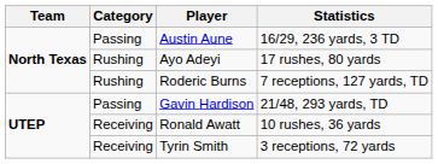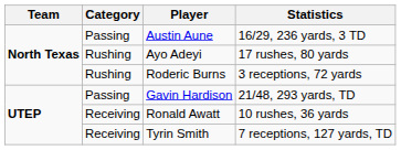 <table class="wikitable" style="float: left;">
 <tr>
 <th>Team</th>
 <th>Category</th>
 <th>Player</th>
 <th>Statistics</th>
 </tr>
 <tr>
 <td rowspan=3><strong>North Texas</strong></td>
 <td>Passing</td>
 <td><a href='#'>Austin Aune</a></td>
 <td>16/29, 236 yards, 3 TD</td>
 </tr>
 <tr>
 <td>Rushing</td>
 <td>Ayo Adeyi</td>
 <td>17 rushes, 80 yards</td>
 </tr>
 <tr>
 <td>Rushing</td>
 <td>Roderic Burns</td>
-<td>7 receptions, 127 yards, TD</td>
+<td>3 receptions, 72 yards</td>
 </tr>
 <tr>
 <td rowspan=3><strong>UTEP</strong></td>
 <td>Passing</td>
 <td><a href='#'>Gavin Hardison</a></td>
 <td>21/48, 293 yards, TD</td>
 </tr>
 <tr>
 <td>Receiving</td>
 <td>Ronald Awatt</td>
 <td>10 rushes, 36 yards</td>
 </tr>
 <tr>
 <td>Receiving</td>
 <td>Tyrin Smith</td>
-<td>3 receptions, 72 yards</td>
+<td>7 receptions, 127 yards, TD</td>
 </tr>
 </table>
